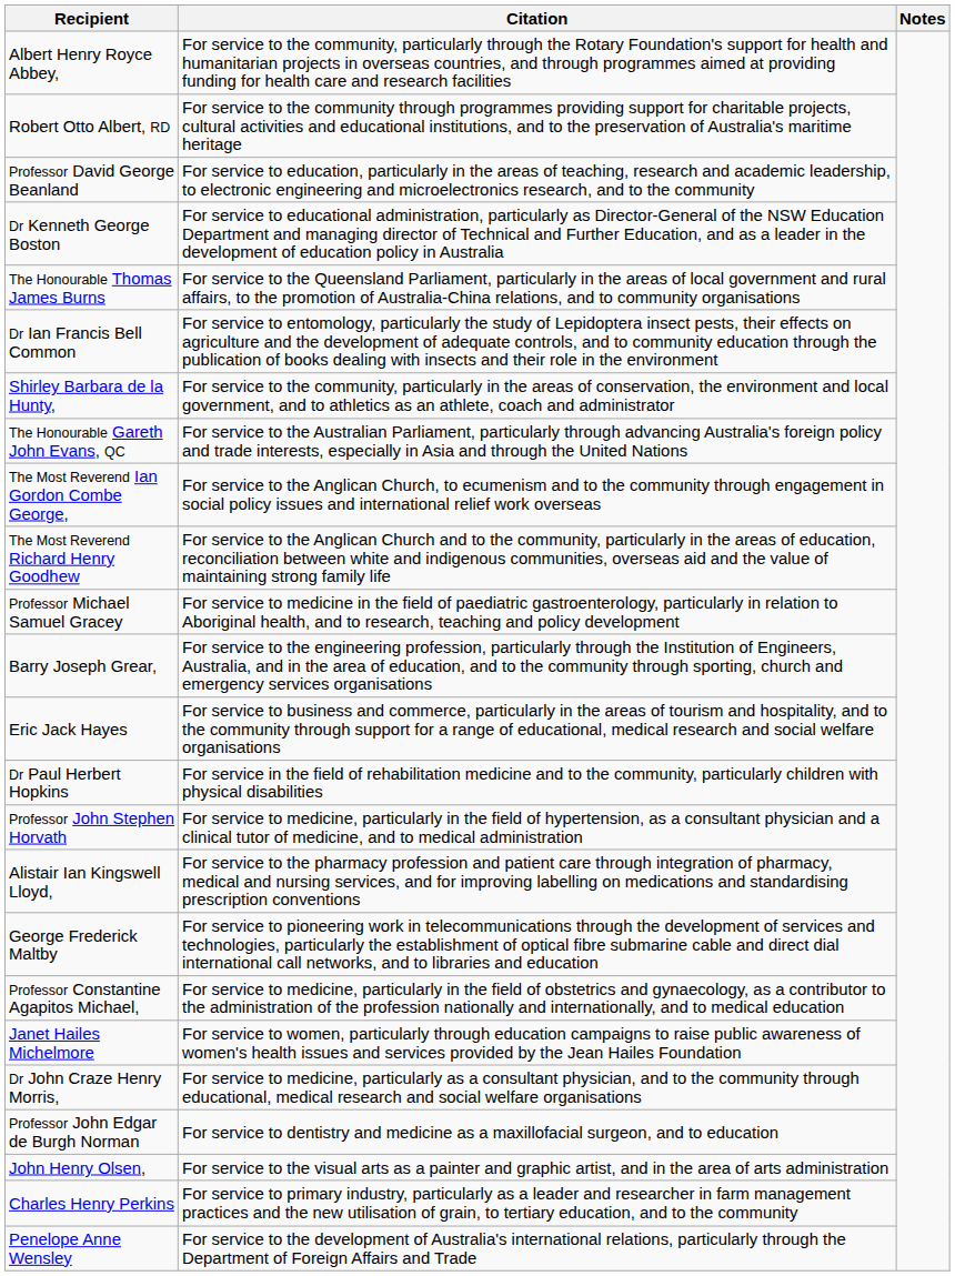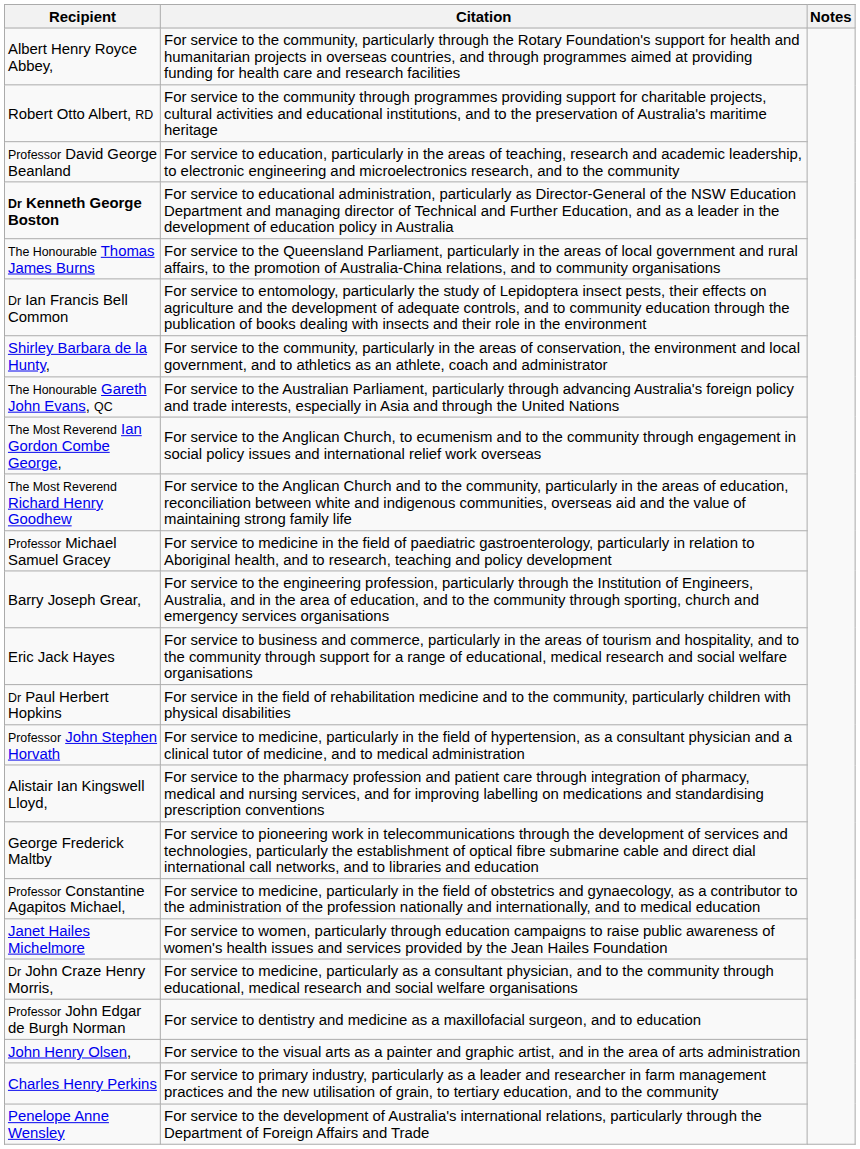 <table class="wikitable" style="font-size:95%;">
 <tr>
 <th>Recipient</th>
 <th>Citation</th>
 <th>Notes</th>
 </tr>
 <tr>
 <td>Albert Henry Royce Abbey, </td>
 <td>For service to the community, particularly through the Rotary Foundation's support for health and humanitarian projects in overseas countries, and through programmes aimed at providing funding for health care and research facilities</td>
 <td rowspan=24></td>
 </tr>
 <tr>
 <td>Robert Otto Albert,  <small>RD</small></td>
 <td>For service to the community through programmes providing support for charitable projects, cultural activities and educational institutions, and to the preservation of Australia's maritime heritage</td>
 </tr>
 <tr>
 <td><small>Professor</small> David George Beanland</td>
 <td>For service to education, particularly in the areas of teaching, research and academic leadership, to electronic engineering and microelectronics research, and to the community</td>
 </tr>
 <tr>
-<td><small>Dr</small> Kenneth George Boston</td>
+<td><strong><small>Dr</small> Kenneth George Boston</strong></td>
 <td>For service to educational administration, particularly as Director-General of the NSW Education Department and managing director of Technical and Further Education, and as a leader in the development of education policy in Australia</td>
 </tr>
 <tr>
 <td><small>The Honourable</small> <a href='#'>Thomas James Burns</a></td>
 <td>For service to the Queensland Parliament, particularly in the areas of local government and rural affairs, to the promotion of Australia-China relations, and to community organisations</td>
 </tr>
 <tr>
 <td><small>Dr</small> Ian Francis Bell Common</td>
 <td>For service to entomology, particularly the study of Lepidoptera insect pests, their effects on agriculture and the development of adequate controls, and to community education through the publication of books dealing with insects and their role in the environment</td>
 </tr>
 <tr>
 <td><a href='#'>Shirley Barbara de la Hunty</a>, </td>
 <td>For service to the community, particularly in the areas of conservation, the environment and local government, and to athletics as an athlete, coach and administrator</td>
 </tr>
 <tr>
 <td><small>The Honourable</small> <a href='#'>Gareth John Evans</a>, <small>QC</small></td>
 <td>For service to the Australian Parliament, particularly through advancing Australia's foreign policy and trade interests, especially in Asia and through the United Nations</td>
 </tr>
 <tr>
 <td><small>The Most Reverend</small> <a href='#'>Ian Gordon Combe George</a>, </td>
 <td>For service to the Anglican Church, to ecumenism and to the community through engagement in social policy issues and international relief work overseas</td>
 </tr>
 <tr>
 <td><small>The Most Reverend</small> <a href='#'>Richard Henry Goodhew</a></td>
 <td>For service to the Anglican Church and to the community, particularly in the areas of education, reconciliation between white and indigenous communities, overseas aid and the value of maintaining strong family life</td>
 </tr>
 <tr>
 <td><small>Professor</small> Michael Samuel Gracey</td>
 <td>For service to medicine in the field of paediatric gastroenterology, particularly in relation to Aboriginal health, and to research, teaching and policy development</td>
 </tr>
 <tr>
 <td>Barry Joseph Grear, </td>
 <td>For service to the engineering profession, particularly through the Institution of Engineers, Australia, and in the area of education, and to the community through sporting, church and emergency services organisations</td>
 </tr>
 <tr>
 <td>Eric Jack Hayes</td>
 <td>For service to business and commerce, particularly in the areas of tourism and hospitality, and to the community through support for a range of educational, medical research and social welfare organisations</td>
 </tr>
 <tr>
 <td><small>Dr</small> Paul Herbert Hopkins</td>
 <td>For service in the field of rehabilitation medicine and to the community, particularly children with physical disabilities</td>
 </tr>
 <tr>
 <td><small>Professor</small> <a href='#'>John Stephen Horvath</a></td>
 <td>For service to medicine, particularly in the field of hypertension, as a consultant physician and a clinical tutor of medicine, and to medical administration</td>
 </tr>
 <tr>
 <td>Alistair Ian Kingswell Lloyd, </td>
 <td>For service to the pharmacy profession and patient care through integration of pharmacy, medical and nursing services, and for improving labelling on medications and standardising prescription conventions</td>
 </tr>
 <tr>
 <td>George Frederick Maltby</td>
 <td>For service to pioneering work in telecommunications through the development of services and technologies, particularly the establishment of optical fibre submarine cable and direct dial international call networks, and to libraries and education</td>
 </tr>
 <tr>
 <td><small>Professor</small> Constantine Agapitos Michael, </td>
 <td>For service to medicine, particularly in the field of obstetrics and gynaecology, as a contributor to the administration of the profession nationally and internationally, and to medical education</td>
 </tr>
 <tr>
 <td><a href='#'>Janet Hailes Michelmore</a></td>
 <td>For service to women, particularly through education campaigns to raise public awareness of women's health issues and services provided by the Jean Hailes Foundation</td>
 </tr>
 <tr>
 <td><small>Dr</small> John Craze Henry Morris, </td>
 <td>For service to medicine, particularly as a consultant physician, and to the community through educational, medical research and social welfare organisations</td>
 </tr>
 <tr>
 <td><small>Professor</small> John Edgar de Burgh Norman</td>
 <td>For service to dentistry and medicine as a maxillofacial surgeon, and to education</td>
 </tr>
 <tr>
 <td><a href='#'>John Henry Olsen</a>, </td>
 <td>For service to the visual arts as a painter and graphic artist, and in the area of arts administration</td>
 </tr>
 <tr>
 <td><a href='#'>Charles Henry Perkins</a></td>
 <td>For service to primary industry, particularly as a leader and researcher in farm management practices and the new utilisation of grain, to tertiary education, and to the community</td>
 </tr>
 <tr>
 <td><a href='#'>Penelope Anne Wensley</a></td>
 <td>For service to the development of Australia's international relations, particularly through the Department of Foreign Affairs and Trade</td>
 </tr>
 </table>
